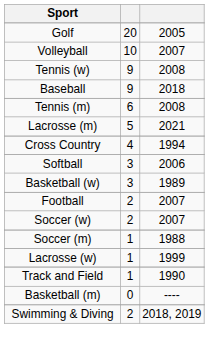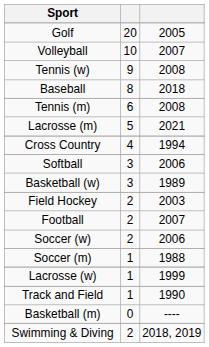 <table class="wikitable sortable"; style= "text-align: center">
 <tr>
 <th width=150px>Sport</th>
 <th width=px></th>
 <th width=px></th>
 </tr>
 <tr>
 </tr>
 <tr>
 <td>Golf</td>
 <td>20</td>
 <td>2005</td>
 </tr>
 <tr>
 <td>Volleyball</td>
 <td>10</td>
 <td>2007</td>
 </tr>
 <tr>
 <td>Tennis (w)</td>
 <td>9</td>
 <td>2008</td>
 </tr>
 <tr>
 <td>Baseball</td>
-<td>9</td>
+<td>8</td>
 <td>2018</td>
 </tr>
 <tr>
 </tr>
 <tr>
 <td>Tennis (m)</td>
 <td>6</td>
 <td>2008</td>
 </tr>
 <tr>
 <td>Lacrosse (m)</td>
 <td>5</td>
 <td>2021</td>
 </tr>
 <tr>
 </tr>
 <tr>
 <td>Cross Country</td>
 <td>4</td>
 <td>1994</td>
 </tr>
 <tr>
 </tr>
 <tr>
 <td>Softball</td>
 <td>3</td>
 <td>2006</td>
 </tr>
 <tr>
 <td>Basketball (w)</td>
 <td>3</td>
 <td>1989</td>
 </tr>
 <tr>
 </tr>
 <tr>
+<td>Field Hockey</td>
+<td>2</td>
+<td>2003</td>
+</tr>
+<tr>
 <td>Football</td>
 <td>2</td>
 <td>2007</td>
 </tr>
 <tr>
 <td>Soccer (w)</td>
 <td>2</td>
-<td>2007</td>
+<td>2006</td>
 </tr>
 <tr>
 </tr>
 <tr>
 <td>Soccer (m)</td>
 <td>1</td>
 <td>1988</td>
 </tr>
 <tr>
 </tr>
 <tr>
 <td>Lacrosse (w)</td>
 <td>1</td>
 <td>1999</td>
 </tr>
 <tr>
 </tr>
 <tr>
 <td>Track and Field</td>
 <td>1</td>
 <td>1990</td>
 </tr>
 <tr>
 <td>Basketball (m)</td>
 <td>0</td>
 <td>----</td>
 </tr>
 <tr>
 </tr>
 <tr>
 <td>Swimming & Diving</td>
 <td>2</td>
 <td>2018, 2019</td>
 </tr>
 </table>
